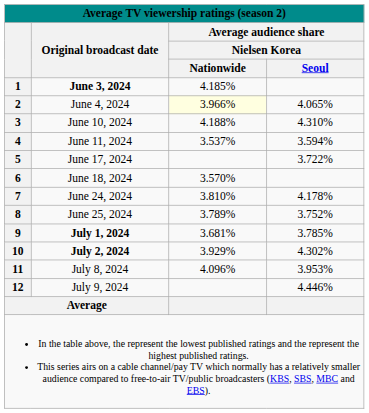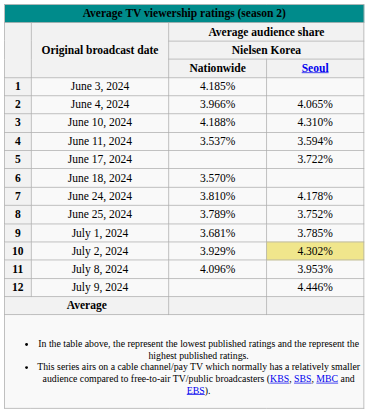 <table class="wikitable mw-collapsible" style="text-align:center;max-width:500px; margin-left: auto; margin-right: auto; border: none;">
 <tr>
 <th colspan="4" style="background:#008B8B">Average TV viewership ratings (season 2)</th>
 </tr>
 <tr>
 <th scope="col" rowspan="3"></th>
 <th scope="col" rowspan="3">Original broadcast date</th>
 <th scope="col" colspan="2">Average audience share</th>
 </tr>
 <tr>
 <th scope="col" colspan="2">Nielsen Korea</th>
 </tr>
 <tr>
 <th scope="col" style="width:8em">Nationwide</th>
 <th scope="col" style="width:8em"><a href='#'>Seoul</a></th>
 </tr>
 <tr>
 <th scope="row">1</th>
-<td><strong>June 3, 2024</strong></td>
+<td>June 3, 2024</td>
 <td>4.185% </td>
 <td><strong></strong> </td>
 </tr>
 <tr>
 <th scope="row">2</th>
 <td>June 4, 2024</td>
-<td style="background: lightyellow;">3.966% </td>
+<td>3.966% </td>
 <td>4.065% </td>
 </tr>
 <tr>
 <th scope="row">3</th>
 <td>June 10, 2024</td>
 <td>4.188% </td>
 <td>4.310% </td>
 </tr>
 <tr>
 <th scope="row">4</th>
 <td>June 11, 2024</td>
 <td>3.537% </td>
 <td>3.594% </td>
 </tr>
 <tr>
 <th scope="row">5</th>
 <td>June 17, 2024</td>
 <td><strong></strong> </td>
 <td>3.722% </td>
 </tr>
 <tr>
 <th scope="row">6</th>
 <td>June 18, 2024</td>
 <td>3.570% </td>
 <td><strong></strong> </td>
 </tr>
 <tr>
 <th scope="row">7</th>
 <td>June 24, 2024</td>
 <td>3.810% </td>
 <td>4.178% </td>
 </tr>
 <tr>
 <th scope="row">8</th>
 <td>June 25, 2024</td>
 <td>3.789% </td>
 <td>3.752% </td>
 </tr>
 <tr>
 <th scope="row">9</th>
-<td><strong>July 1, 2024</strong></td>
+<td>July 1, 2024</td>
 <td>3.681% </td>
 <td>3.785% </td>
 </tr>
 <tr>
 <th scope="row">10</th>
-<td><strong>July 2, 2024</strong></td>
+<td>July 2, 2024</td>
 <td>3.929% </td>
-<td>4.302% </td>
+<td style="background: khaki;">4.302% </td>
 </tr>
 <tr>
 <th scope="row">11</th>
 <td>July 8, 2024</td>
 <td>4.096% </td>
 <td>3.953% </td>
 </tr>
 <tr>
 <th scope="row">12</th>
 <td>July 9, 2024</td>
 <td><strong></strong> </td>
 <td>4.446% </td>
 </tr>
 <tr>
 <th scope="col" colspan="2">Average</th>
 <th scope="col"></th>
 <th scope="col"></th>
 </tr>
 <tr>
 <td colspan="4" style="font-size:85%"><br><ul><li>In the table above, the <strong></strong> represent the lowest published ratings and the <strong></strong> represent the highest published ratings.</li><li>This series airs on a cable channel/pay TV which normally has a relatively smaller audience compared to free-to-air TV/public broadcasters (<a href='#'>KBS</a>, <a href='#'>SBS</a>, <a href='#'>MBC</a> and <a href='#'>EBS</a>).</li></ul></td>
 </tr>
 </table>
